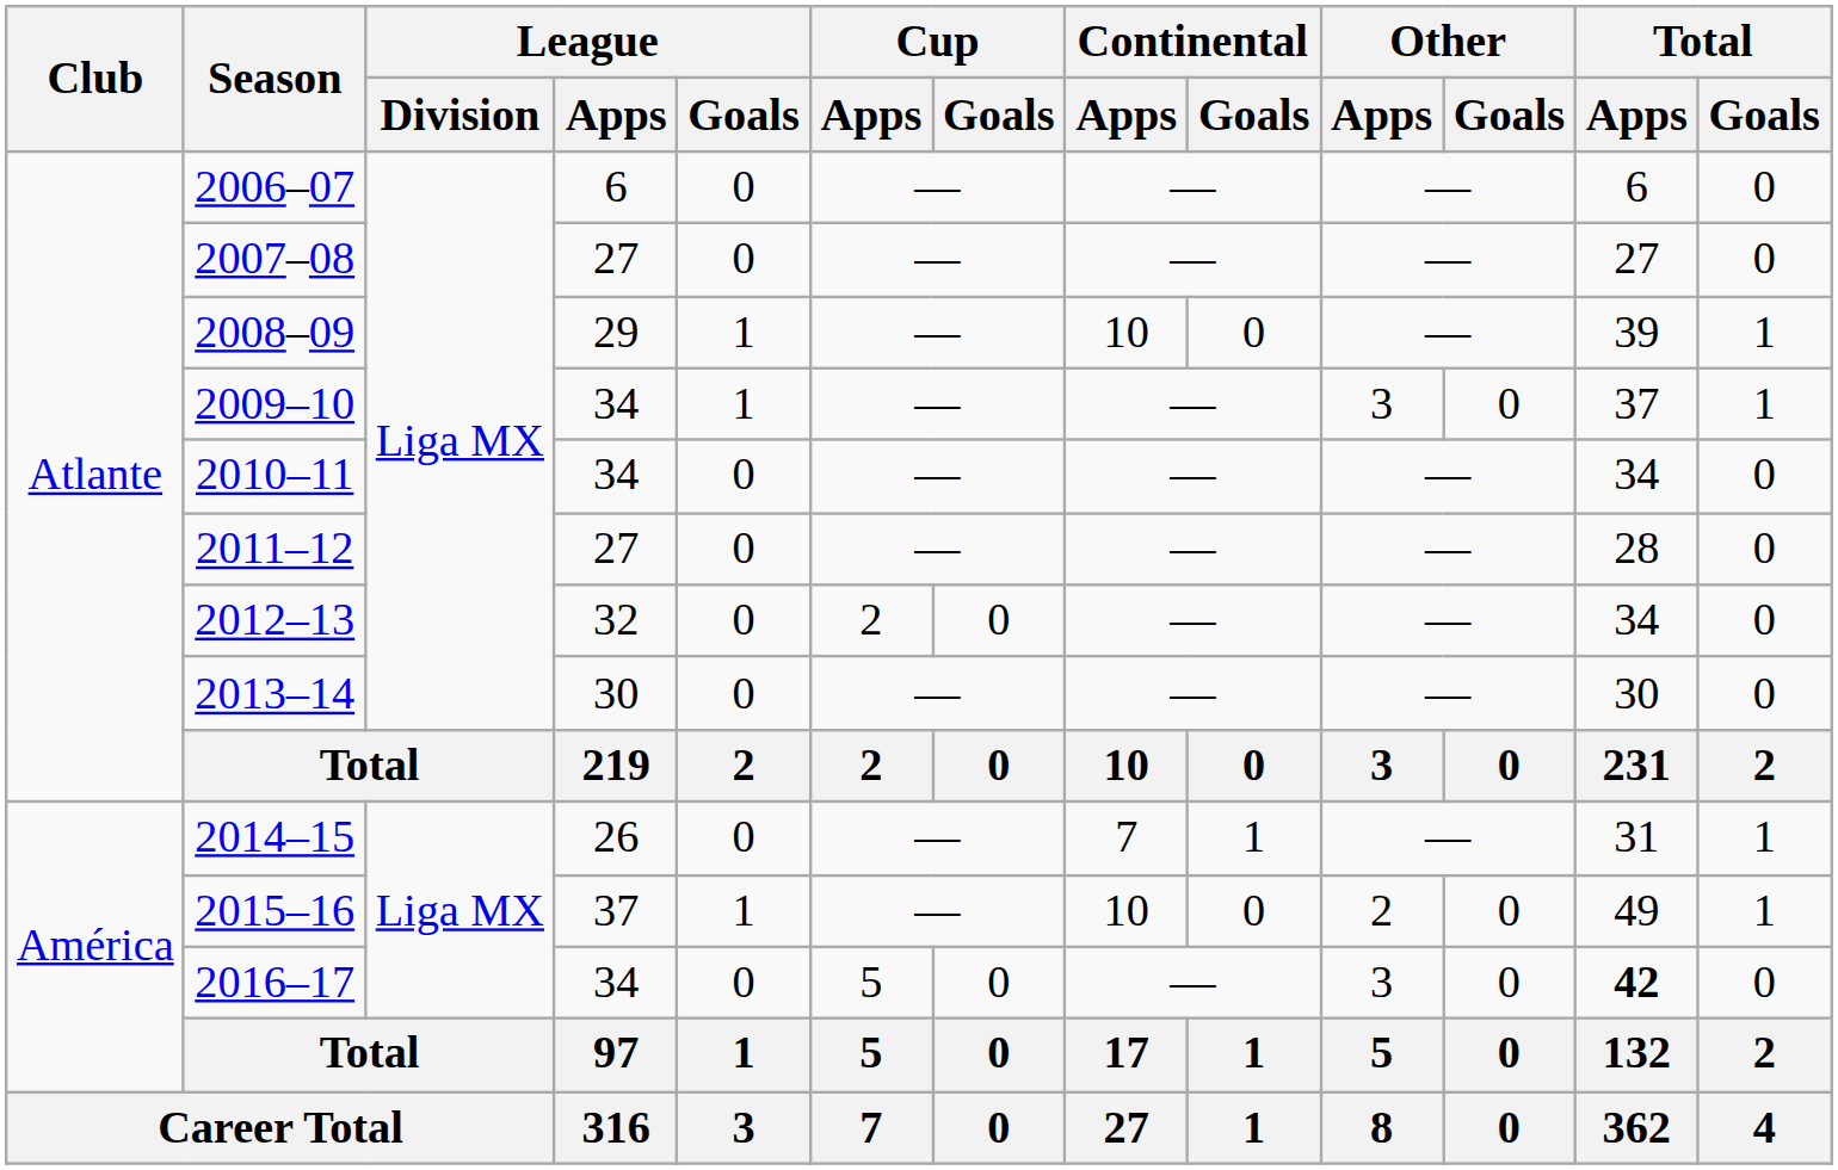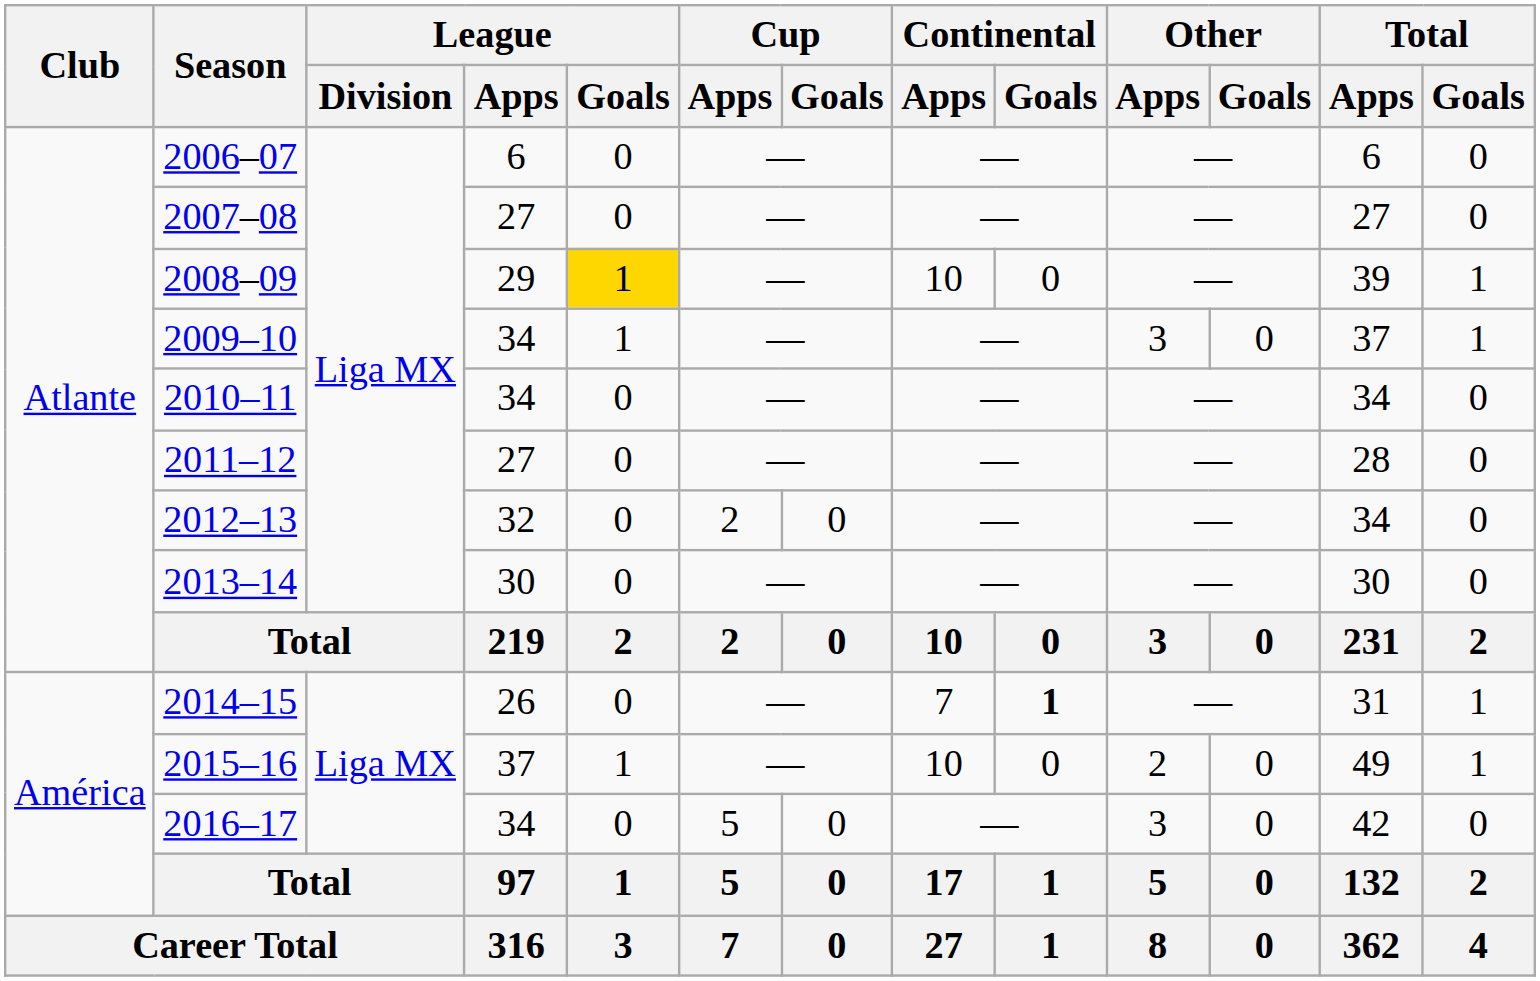 <table class="wikitable" style="text-align:center">
 <tr>
 <th rowspan="2">Club</th>
 <th rowspan="2">Season</th>
 <th colspan="3">League</th>
 <th colspan="2">Cup</th>
 <th colspan="2">Continental</th>
 <th colspan="2">Other</th>
 <th colspan="2">Total</th>
 </tr>
 <tr>
 <th>Division</th>
 <th>Apps</th>
 <th>Goals</th>
 <th>Apps</th>
 <th>Goals</th>
 <th>Apps</th>
 <th>Goals</th>
 <th>Apps</th>
 <th>Goals</th>
 <th>Apps</th>
 <th>Goals</th>
 </tr>
 <tr>
 <td rowspan="9"><a href='#'>Atlante</a></td>
 <td><a href='#'>2006</a>–<a href='#'>07</a></td>
 <td rowspan="8"><a href='#'>Liga MX</a></td>
 <td>6</td>
 <td>0</td>
 <td colspan="2">—</td>
 <td colspan="2">—</td>
 <td colspan="2">—</td>
 <td>6</td>
 <td>0</td>
 </tr>
 <tr>
 <td><a href='#'>2007</a>–<a href='#'>08</a></td>
 <td>27</td>
 <td>0</td>
 <td colspan="2">—</td>
 <td colspan="2">—</td>
 <td colspan="2">—</td>
 <td>27</td>
 <td>0</td>
 </tr>
 <tr>
 <td><a href='#'>2008</a>–<a href='#'>09</a></td>
 <td>29</td>
-<td>1</td>
+<td style="background: gold;">1</td>
 <td colspan="2">—</td>
 <td>10</td>
 <td>0</td>
 <td colspan="2">—</td>
 <td>39</td>
 <td>1</td>
 </tr>
 <tr>
 <td><a href='#'>2009–10</a></td>
 <td>34</td>
 <td>1</td>
 <td colspan="2">—</td>
 <td colspan="2">—</td>
 <td>3</td>
 <td>0</td>
 <td>37</td>
 <td>1</td>
 </tr>
 <tr>
 <td><a href='#'>2010–11</a></td>
 <td>34</td>
 <td>0</td>
 <td colspan="2">—</td>
 <td colspan="2">—</td>
 <td colspan="2">—</td>
 <td>34</td>
 <td>0</td>
 </tr>
 <tr>
 <td><a href='#'>2011–12</a></td>
 <td>27</td>
 <td>0</td>
 <td colspan="2">—</td>
 <td colspan="2">—</td>
 <td colspan="2">—</td>
 <td>28</td>
 <td>0</td>
 </tr>
 <tr>
 <td><a href='#'>2012–13</a></td>
 <td>32</td>
 <td>0</td>
 <td>2</td>
 <td>0</td>
 <td colspan="2">—</td>
 <td colspan="2">—</td>
 <td>34</td>
 <td>0</td>
 </tr>
 <tr>
 <td><a href='#'>2013–14</a></td>
 <td>30</td>
 <td>0</td>
 <td colspan="2">—</td>
 <td colspan="2">—</td>
 <td colspan="2">—</td>
 <td>30</td>
 <td>0</td>
 </tr>
 <tr>
 <th colspan="2">Total</th>
 <th>219</th>
 <th>2</th>
 <th>2</th>
 <th>0</th>
 <th>10</th>
 <th>0</th>
 <th>3</th>
 <th>0</th>
 <th>231</th>
 <th>2</th>
 </tr>
 <tr>
 <td rowspan="4"><a href='#'>América</a></td>
 <td><a href='#'>2014–15</a></td>
 <td rowspan="3"><a href='#'>Liga MX</a></td>
 <td>26</td>
 <td>0</td>
 <td colspan="2">—</td>
 <td>7</td>
-<td>1</td>
+<td><strong>1</strong></td>
 <td colspan="2">—</td>
 <td>31</td>
 <td>1</td>
 </tr>
 <tr>
 <td><a href='#'>2015–16</a></td>
 <td>37</td>
 <td>1</td>
 <td colspan="2">—</td>
 <td>10</td>
 <td>0</td>
 <td>2</td>
 <td>0</td>
 <td>49</td>
 <td>1</td>
 </tr>
 <tr>
 <td><a href='#'>2016–17</a></td>
 <td>34</td>
 <td>0</td>
 <td>5</td>
 <td>0</td>
 <td colspan="2">—</td>
 <td>3</td>
 <td>0</td>
-<td><strong>42</strong></td>
+<td>42</td>
 <td>0</td>
 </tr>
 <tr>
 <th colspan="2">Total</th>
 <th>97</th>
 <th>1</th>
 <th>5</th>
 <th>0</th>
 <th>17</th>
 <th>1</th>
 <th>5</th>
 <th>0</th>
 <th>132</th>
 <th>2</th>
 </tr>
 <tr>
 <th colspan="3">Career Total</th>
 <th>316</th>
 <th>3</th>
 <th>7</th>
 <th>0</th>
 <th>27</th>
 <th>1</th>
 <th>8</th>
 <th>0</th>
 <th>362</th>
 <th>4</th>
 </tr>
 </table>
